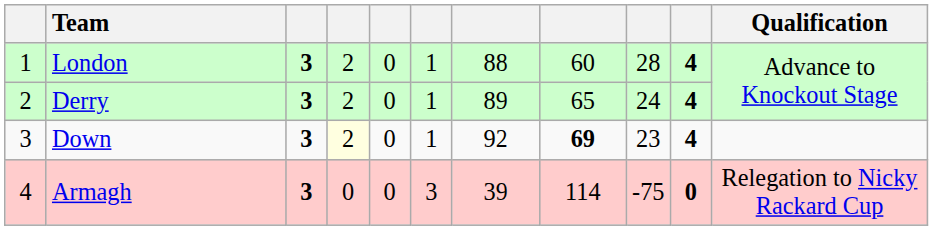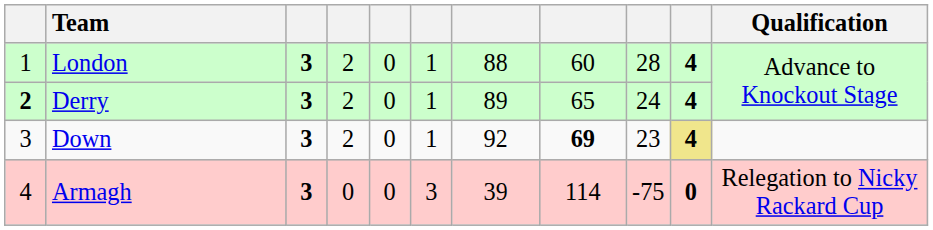 <table class="wikitable" style="text-align:center">
 <tr>
 <th width=20></th>
 <th width=150 style="text-align:left;">Team</th>
 <th width=20></th>
 <th width=20></th>
 <th width=20></th>
 <th width=20></th>
 <th width=50></th>
 <th width=50></th>
 <th width=20></th>
 <th width=20></th>
 <th>Qualification</th>
 </tr>
 <tr style="background:#ccffcc">
 <td>1</td>
 <td align=left> <a href='#'>London</a></td>
 <td><strong>3</strong></td>
 <td>2</td>
 <td>0</td>
 <td>1</td>
 <td>88</td>
 <td>60</td>
 <td>28</td>
 <td><strong>4</strong></td>
 <td rowspan="2">Advance to <a href='#'>Knockout Stage</a></td>
 </tr>
 <tr style="background:#ccffcc">
-<td>2</td>
+<td><strong>2</strong></td>
 <td align=left><a href='#'>Derry</a></td>
 <td><strong>3</strong></td>
 <td>2</td>
 <td>0</td>
 <td>1</td>
 <td>89</td>
 <td>65</td>
 <td>24</td>
 <td><strong>4</strong></td>
 </tr>
 <tr>
 <td>3</td>
 <td align=left> <a href='#'>Down</a></td>
 <td><strong>3</strong></td>
-<td style="background: lightyellow;">2</td>
+<td>2</td>
 <td>0</td>
 <td>1</td>
 <td>92</td>
 <td><strong>69</strong></td>
 <td>23</td>
-<td><strong>4</strong></td>
+<td style="background: khaki;"><strong>4</strong></td>
 <td></td>
 </tr>
 <tr style="background:#ffcccc">
 <td>4</td>
 <td align=left> <a href='#'>Armagh</a></td>
 <td><strong>3</strong></td>
 <td>0</td>
 <td>0</td>
 <td>3</td>
 <td>39</td>
 <td>114</td>
 <td>-75</td>
 <td><strong>0</strong></td>
 <td>Relegation to <a href='#'>Nicky Rackard Cup</a></td>
 </tr>
 </table>
